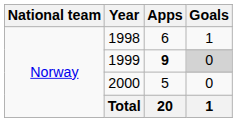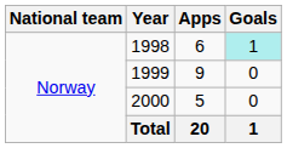 <table class="wikitable" style="text-align:center">
 <tr>
 <th>National team</th>
 <th>Year</th>
 <th>Apps</th>
 <th>Goals</th>
 </tr>
 <tr>
 <td rowspan="4"><a href='#'>Norway</a></td>
 <td>1998</td>
 <td>6</td>
-<td>1</td>
+<td style="background: paleturquoise;">1</td>
 </tr>
 <tr>
 <td>1999</td>
-<td><strong>9</strong></td>
-<td style="background: lightgrey;">0</td>
+<td>9</td>
+<td>0</td>
 </tr>
 <tr>
 <td>2000</td>
 <td>5</td>
 <td>0</td>
 </tr>
 <tr>
 <th>Total</th>
 <th>20</th>
 <th>1</th>
 </tr>
 </table>
